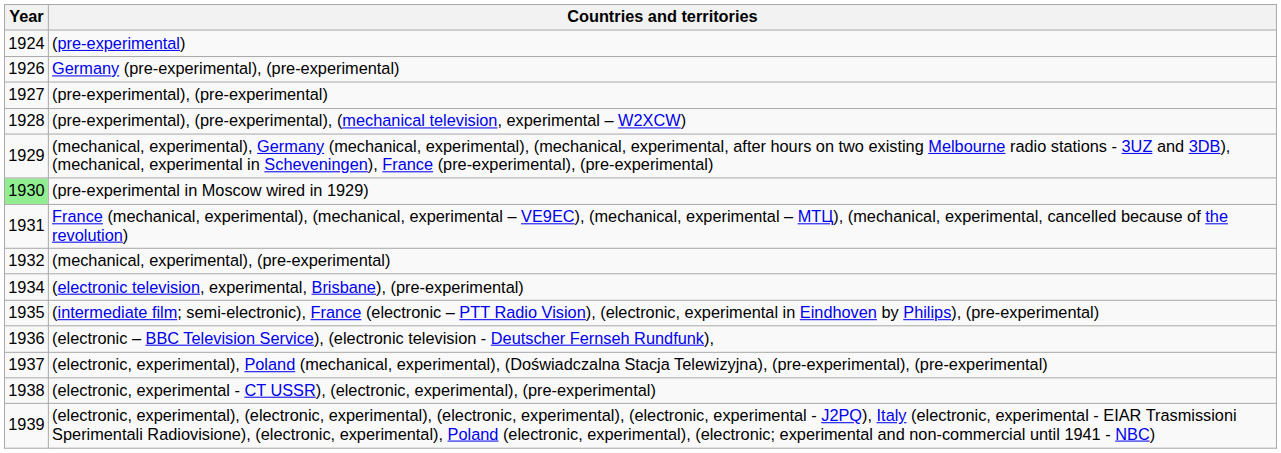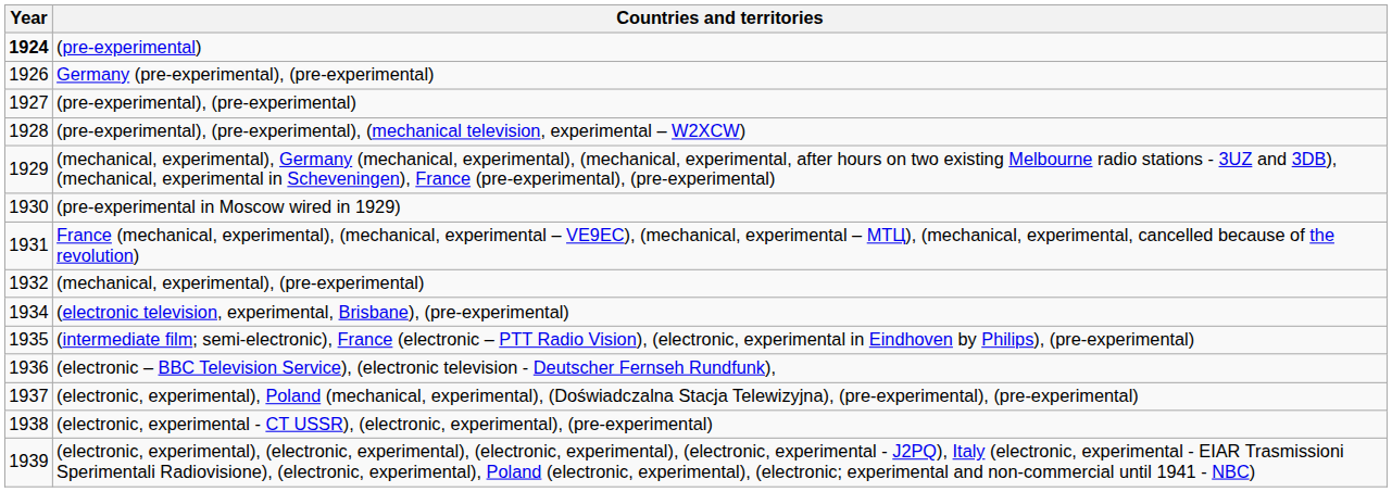 <table class="wikitable">
 <tr>
 <th>Year</th>
 <th>Countries and territories</th>
 </tr>
 <tr>
-<td>1924</td>
+<td><strong>1924</strong></td>
 <td> (<a href='#'>pre-experimental</a>)</td>
 </tr>
 <tr>
 <td>1926</td>
 <td> <a href='#'>Germany</a> (pre-experimental),  (pre-experimental)</td>
 </tr>
 <tr>
 <td>1927</td>
 <td> (pre-experimental),  (pre-experimental)</td>
 </tr>
 <tr>
 <td>1928</td>
 <td> (pre-experimental),  (pre-experimental),  (<a href='#'>mechanical television</a>, experimental – <a href='#'>W2XCW</a>)</td>
 </tr>
 <tr>
 <td>1929</td>
 <td> (mechanical, experimental),  <a href='#'>Germany</a> (mechanical, experimental),  (mechanical, experimental, after hours on two existing <a href='#'>Melbourne</a> radio stations - <a href='#'>3UZ</a> and <a href='#'>3DB</a>),  (mechanical, experimental in <a href='#'>Scheveningen</a>),  <a href='#'>France</a> (pre-experimental),  (pre-experimental)</td>
 </tr>
 <tr>
-<td style="background: lightgreen;">1930</td>
+<td>1930</td>
 <td> (pre-experimental in Moscow wired in 1929)</td>
 </tr>
 <tr>
 <td>1931</td>
 <td> <a href='#'>France</a> (mechanical, experimental),  (mechanical, experimental – <a href='#'>VE9EC</a>),  (mechanical, experimental – <a href='#'>МТЦ</a>),   (mechanical, experimental, cancelled because of <a href='#'>the revolution</a>)</td>
 </tr>
 <tr>
 <td>1932</td>
 <td> (mechanical, experimental),  (pre-experimental)</td>
 </tr>
 <tr>
 <td>1934</td>
 <td> (<a href='#'>electronic television</a>, experimental, <a href='#'>Brisbane</a>),  (pre-experimental)</td>
 </tr>
 <tr>
 <td>1935</td>
 <td> (<a href='#'>intermediate film</a>; semi-electronic),  <a href='#'>France</a> (electronic – <a href='#'>PTT Radio Vision</a>),  (electronic, experimental in <a href='#'>Eindhoven</a> by <a href='#'>Philips</a>),  (pre-experimental)</td>
 </tr>
 <tr>
 <td>1936</td>
 <td> (electronic – <a href='#'>BBC Television Service</a>),  (electronic television - <a href='#'>Deutscher Fernseh Rundfunk</a>),</td>
 </tr>
 <tr>
 <td>1937</td>
 <td> (electronic, experimental),  <a href='#'>Poland</a> (mechanical, experimental), (Doświadczalna Stacja Telewizyjna),  (pre-experimental),  (pre-experimental)</td>
 </tr>
 <tr>
 <td>1938</td>
 <td> (electronic, experimental - <a href='#'>CT USSR</a>),  (electronic, experimental),  (pre-experimental)</td>
 </tr>
 <tr>
 <td>1939</td>
 <td> (electronic, experimental),  (electronic, experimental),  (electronic, experimental),  (electronic, experimental - <a href='#'>J2PQ</a>),  <a href='#'>Italy</a> (electronic, experimental - EIAR Trasmissioni Sperimentali Radiovisione),  (electronic, experimental),  <a href='#'>Poland</a> (electronic, experimental),  (electronic; experimental and non-commercial until 1941 - <a href='#'>NBC</a>)</td>
 </tr>
 </table>
